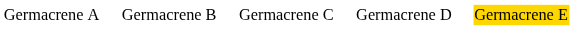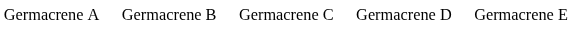 <table cellspacing="20px" align="center" style="text-align:center">
 <tr>
 <td></td>
 <td></td>
 <td></td>
 <td></td>
 <td></td>
 </tr>
 <tr Align="center">
 <td>Germacrene A</td>
 <td>Germacrene B</td>
 <td>Germacrene C</td>
 <td>Germacrene D</td>
-<td style="background: gold;">Germacrene E</td>
+<td>Germacrene E</td>
 </tr>
 </table>
